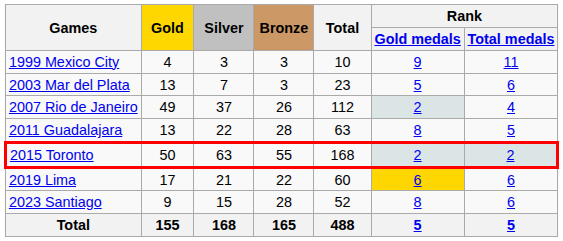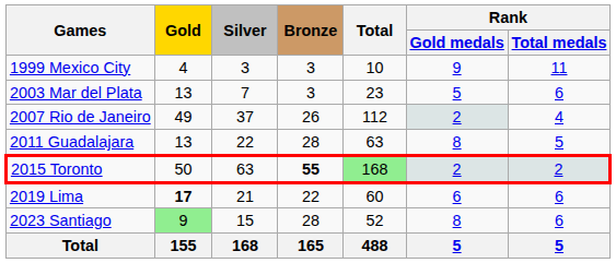 <table class="wikitable" style="text-align:center; font-size:90%;">
 <tr>
 <th rowspan="2">Games</th>
 <td rowspan="2" style="background:gold; width:3.2em; font-weight:bold;">Gold</td>
 <td rowspan="2" style="background:silver; width:3.7em; font-weight:bold;">Silver</td>
 <td rowspan="2" style="background:#c96; width:3.7em; font-weight:bold;">Bronze</td>
 <th rowspan="2" style="width:3.5em; font-weight:bold;">Total</th>
 <th colspan="2" style="width:4em; font-weight:bold;">Rank</th>
 </tr>
 <tr>
 <th><a href='#'>Gold medals</a></th>
 <th><a href='#'>Total medals</a></th>
 </tr>
 <tr>
 <td align="left"> <a href='#'>1999 Mexico City</a></td>
 <td>4</td>
 <td>3</td>
 <td>3</td>
 <td>10</td>
 <td><a href='#'>9</a></td>
 <td><a href='#'>11</a></td>
 </tr>
 <tr>
 <td align="left"> <a href='#'>2003 Mar del Plata</a></td>
 <td>13</td>
 <td>7</td>
 <td>3</td>
 <td>23</td>
 <td><a href='#'>5</a></td>
 <td><a href='#'>6</a></td>
 </tr>
 <tr>
 <td align="left"> <a href='#'>2007 Rio de Janeiro</a></td>
 <td>49</td>
 <td>37</td>
 <td>26</td>
 <td>112</td>
 <td style="background:#dce5e5;"><a href='#'>2</a></td>
 <td><a href='#'>4</a></td>
 </tr>
 <tr>
 <td align="left"> <a href='#'>2011 Guadalajara</a></td>
 <td>13</td>
 <td>22</td>
 <td>28</td>
 <td>63</td>
 <td><a href='#'>8</a></td>
 <td><a href='#'>5</a></td>
 </tr>
 <tr style="border: 3px solid red">
 <td align="left"> <a href='#'>2015 Toronto</a></td>
 <td>50</td>
 <td>63</td>
-<td>55</td>
-<td>168</td>
+<td><strong>55</strong></td>
+<td style="background: lightgreen;">168</td>
 <td style="background:#dce5e5;"><a href='#'>2</a></td>
 <td style="background:#dce5e5;"><a href='#'>2</a></td>
 </tr>
 <tr>
 <td align="left"> <a href='#'>2019 Lima</a></td>
-<td>17</td>
+<td><strong>17</strong></td>
 <td>21</td>
 <td>22</td>
 <td>60</td>
-<td style="background: gold;"><a href='#'>6</a></td>
+<td><a href='#'>6</a></td>
 <td><a href='#'>6</a></td>
 </tr>
 <tr>
 <td align="left"> <a href='#'>2023 Santiago</a></td>
-<td>9</td>
+<td style="background: lightgreen;">9</td>
 <td>15</td>
 <td>28</td>
 <td>52</td>
 <td><a href='#'>8</a></td>
 <td><a href='#'>6</a></td>
 </tr>
 <tr>
 <th>Total</th>
 <th>155</th>
 <th>168</th>
 <th>165</th>
 <th>488</th>
 <th><a href='#'>5</a></th>
 <th><a href='#'>5</a></th>
 </tr>
 </table>
